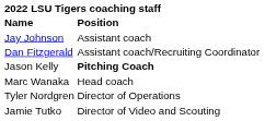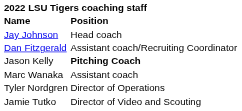 <table class="toccolours" style="text-align: left; font-size:90%;">
 <tr>
 <th colspan="9">2022 LSU Tigers coaching staff</th>
 </tr>
 <tr>
 <th>Name</th>
 <th>Position</th>
 </tr>
 <tr>
 <td><a href='#'>Jay Johnson</a></td>
-<td>Assistant coach</td>
+<td>Head coach</td>
 </tr>
 <tr>
 <td><a href='#'>Dan Fitzgerald</a></td>
 <td>Assistant coach/Recruiting Coordinator</td>
 </tr>
 <tr>
 <td>Jason Kelly</td>
 <td><strong>Pitching Coach</strong></td>
 </tr>
 <tr>
 <td>Marc Wanaka</td>
-<td>Head coach</td>
+<td>Assistant coach</td>
 </tr>
 <tr>
 <td>Tyler Nordgren</td>
 <td>Director of Operations</td>
 </tr>
 <tr>
 <td>Jamie Tutko</td>
 <td>Director of Video and Scouting</td>
 </tr>
 <tr>
 </tr>
 </table>
